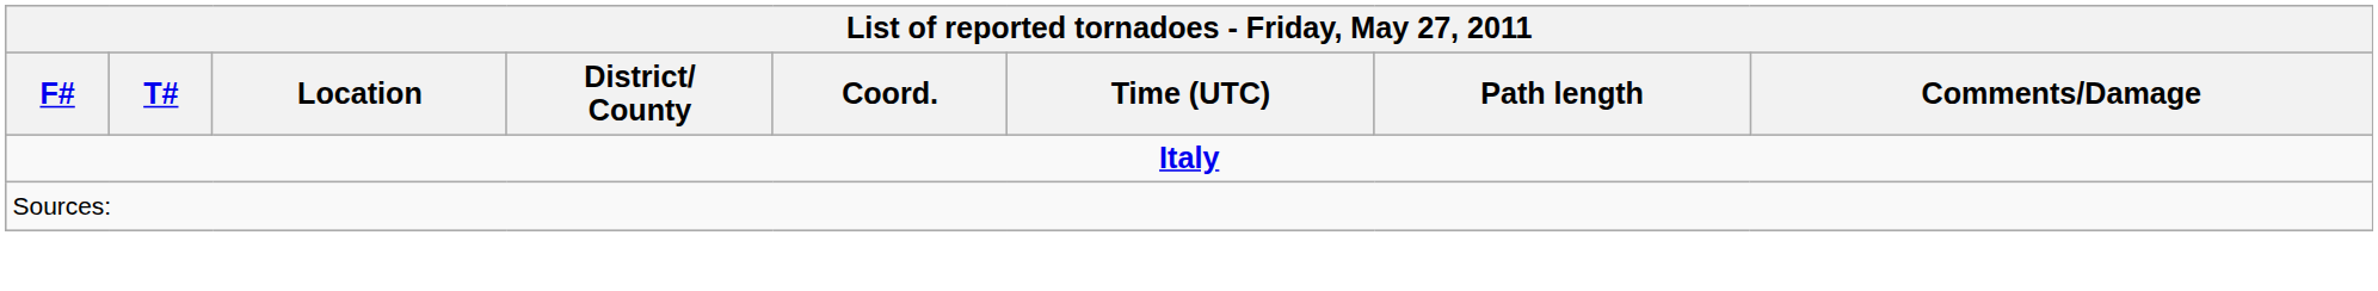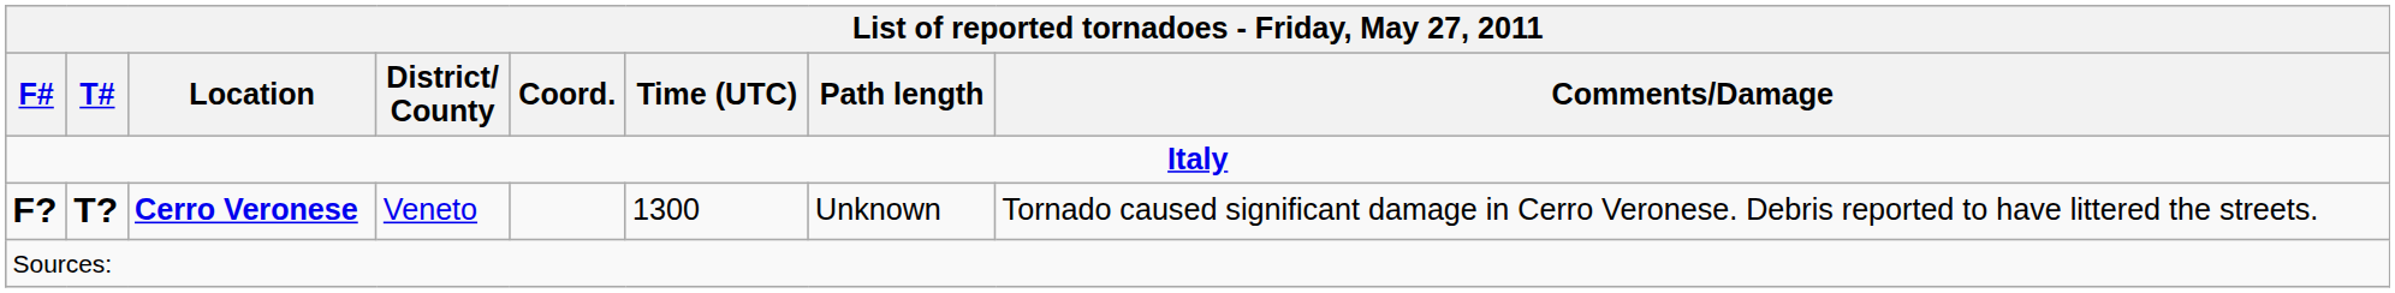 <table class="wikitable collapsible" width="100%">
 <tr>
 <th colspan="8">List of reported tornadoes - Friday, May 27, 2011</th>
 </tr>
 <tr>
 <th><a href='#'>F#</a></th>
 <th><a href='#'>T#</a></th>
 <th>Location</th>
 <th>District/<br>County</th>
 <th>Coord.</th>
 <th>Time (UTC)</th>
 <th>Path length</th>
 <th>Comments/Damage</th>
 </tr>
 <tr>
 <td colspan="8" align=center><strong><a href='#'>Italy</a></strong></td>
 </tr>
 <tr>
+<td><big><strong>F?</strong></big></td>
+<td><big><strong>T?</strong></big></td>
+<td><strong><a href='#'>Cerro Veronese</a></strong></td>
+<td><a href='#'>Veneto</a></td>
+<td></td>
+<td>1300</td>
+<td>Unknown</td>
+<td>Tornado caused significant damage in Cerro Veronese. Debris reported to have littered the streets.</td>
+</tr>
+<tr>
 <td colspan="8"><small>Sources:  </small></td>
 </tr>
 </table>
